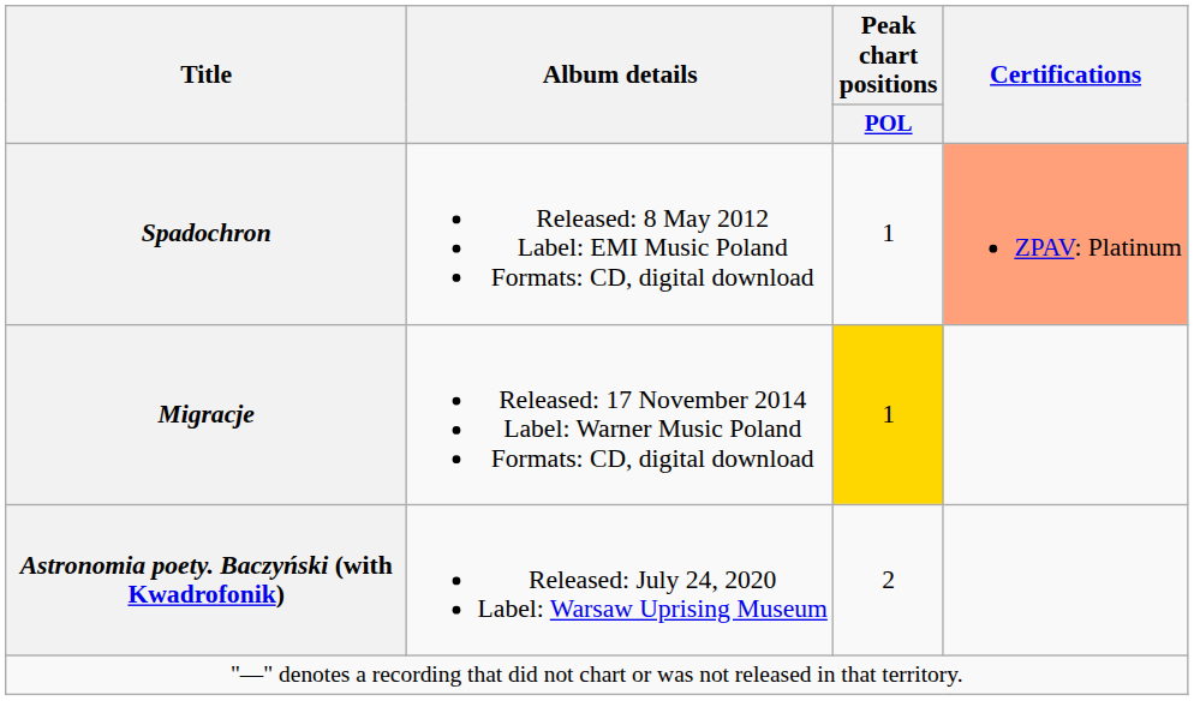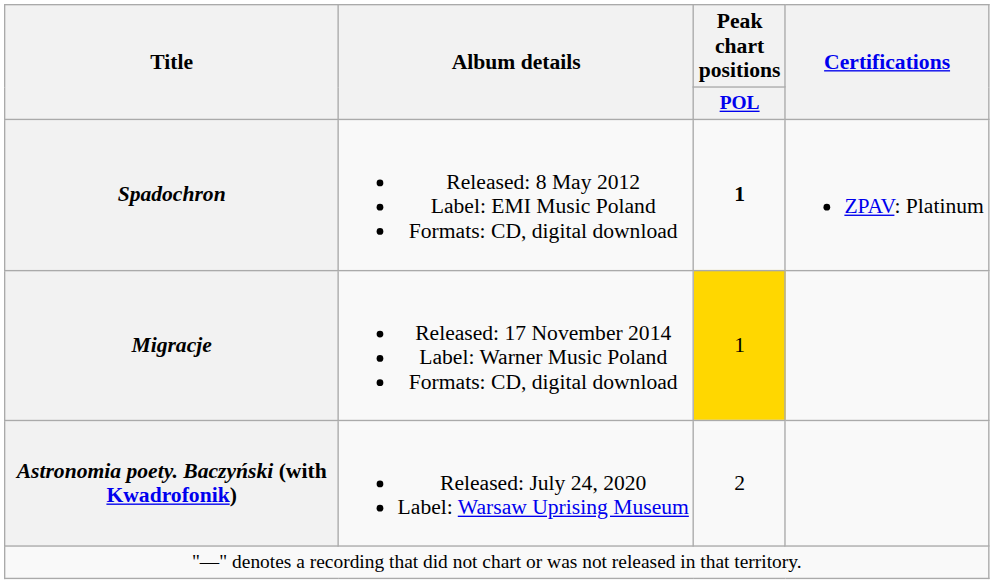 <table class="wikitable plainrowheaders" style="text-align:center;">
 <tr>
 <th scope="col" rowspan="2" style="width:15em;">Title</th>
 <th scope="col" rowspan="2">Album details</th>
 <th scope="col" colspan="1">Peak chart positions</th>
 <th scope="col" rowspan="2"><a href='#'>Certifications</a></th>
 </tr>
 <tr>
 <th scope="col" style="width:3em;font-size:90%;"><a href='#'>POL</a><br></th>
 </tr>
 <tr>
 <th scope="row"><em>Spadochron</em></th>
 <td><br><ul><li>Released: 8 May 2012</li><li>Label: EMI Music Poland</li><li>Formats: CD, digital download</li></ul></td>
-<td>1</td>
-<td style="background: lightsalmon;"><br><ul><li><a href='#'>ZPAV</a>: Platinum</li></ul></td>
+<td><strong>1</strong></td>
+<td><br><ul><li><a href='#'>ZPAV</a>: Platinum</li></ul></td>
 </tr>
 <tr>
 <th scope="row"><em>Migracje</em></th>
 <td><br><ul><li>Released: 17 November 2014</li><li>Label: Warner Music Poland</li><li>Formats: CD, digital download</li></ul></td>
 <td style="background: gold;">1</td>
 <td></td>
 </tr>
 <tr>
 <th scope="row"><em>Astronomia poety. Baczyński</em> (with <a href='#'>Kwadrofonik</a>)</th>
 <td><br><ul><li>Released: July 24, 2020</li><li>Label: <a href='#'>Warsaw Uprising Museum</a></li></ul></td>
 <td>2</td>
 <td></td>
 </tr>
 <tr>
 <td colspan="20" style="font-size:90%">"—" denotes a recording that did not chart or was not released in that territory.</td>
 </tr>
 </table>
